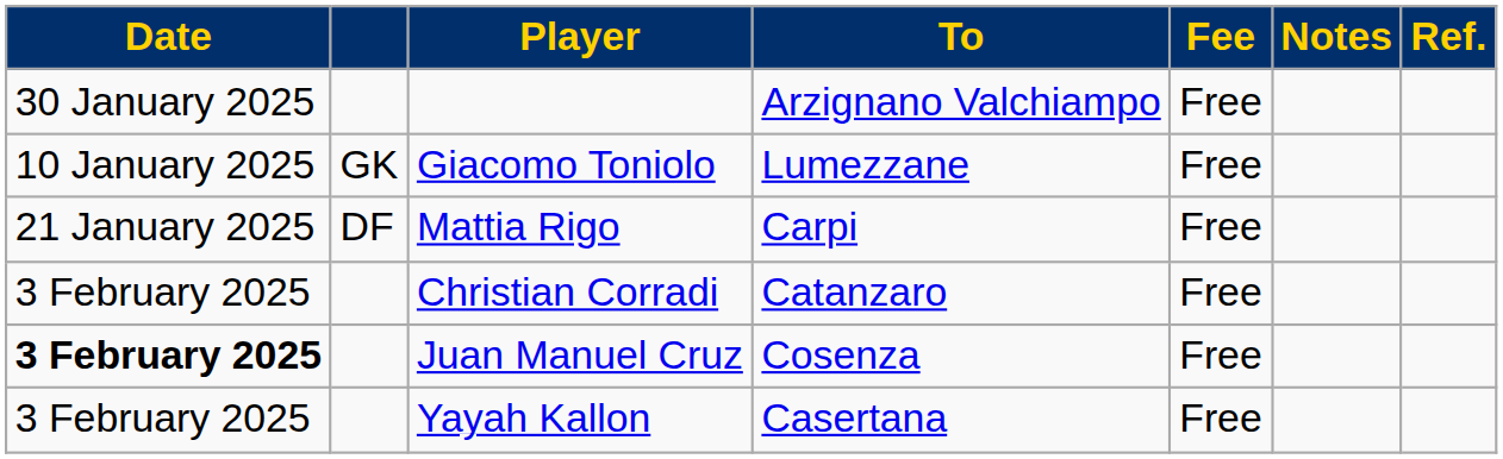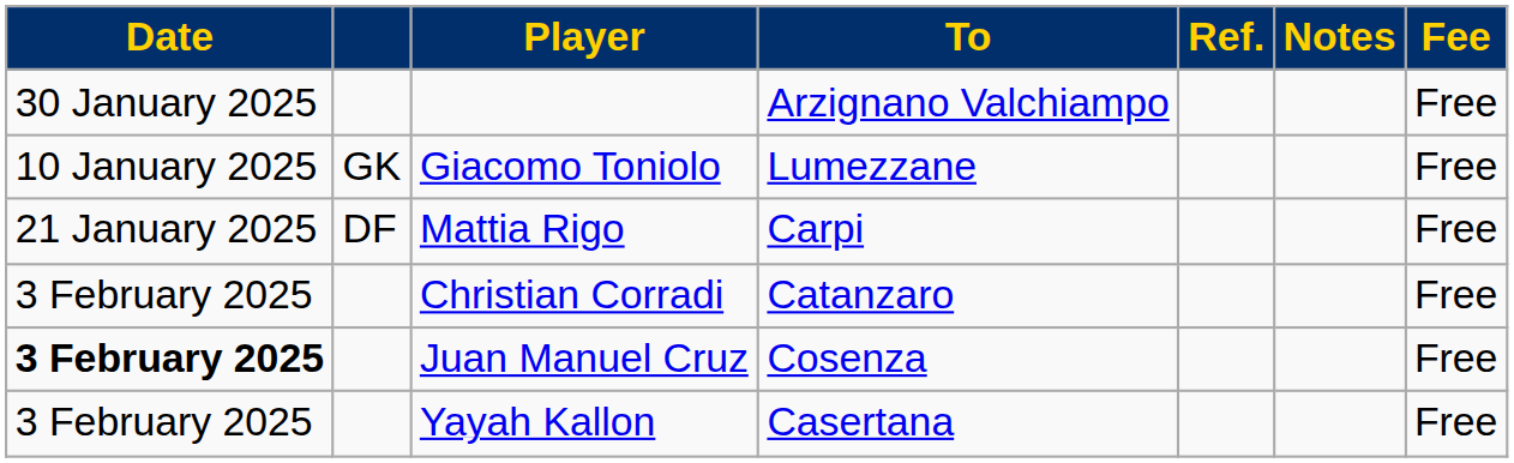 <table class="wikitable">
 <tr>
 <th style="background:#002F6C;color:#FFD100">Date</th>
 <th style="background:#002F6C;color:#FFD100"></th>
 <th style="background:#002F6C;color:#FFD100">Player</th>
 <th style="background:#002F6C;color:#FFD100">To</th>
+<th style="background:#002F6C;color:#FFD100">Ref.</th>
+<th style="background:#002F6C;color:#FFD100">Notes</th>
 <th style="background:#002F6C;color:#FFD100">Fee</th>
-<th style="background:#002F6C;color:#FFD100">Notes</th>
-<th style="background:#002F6C;color:#FFD100">Ref.</th>
 </tr>
 <tr>
 <td>30 January 2025</td>
 <td></td>
 <td> </td>
 <td> <a href='#'>Arzignano Valchiampo</a></td>
-<td>Free</td>
 <td></td>
 <td></td>
+<td>Free</td>
 </tr>
 <tr>
 <td>10 January 2025</td>
 <td>GK</td>
 <td> <a href='#'>Giacomo Toniolo</a></td>
 <td> <a href='#'>Lumezzane</a></td>
-<td>Free</td>
 <td></td>
 <td></td>
+<td>Free</td>
 </tr>
 <tr>
 <td>21 January 2025</td>
 <td>DF</td>
 <td> <a href='#'>Mattia Rigo</a></td>
 <td> <a href='#'>Carpi</a></td>
-<td>Free</td>
 <td></td>
 <td></td>
+<td>Free</td>
 </tr>
 <tr>
 <td>3 February 2025</td>
 <td></td>
 <td> <a href='#'>Christian Corradi</a></td>
 <td> <a href='#'>Catanzaro</a></td>
-<td>Free</td>
 <td></td>
 <td></td>
+<td>Free</td>
 </tr>
 <tr>
 <td><strong>3 February 2025</strong></td>
 <td></td>
 <td> <a href='#'>Juan Manuel Cruz</a></td>
 <td> <a href='#'>Cosenza</a></td>
-<td>Free</td>
 <td></td>
 <td></td>
+<td>Free</td>
 </tr>
 <tr>
 <td>3 February 2025</td>
 <td></td>
 <td> <a href='#'>Yayah Kallon</a></td>
 <td> <a href='#'>Casertana</a></td>
-<td>Free</td>
 <td></td>
 <td></td>
+<td>Free</td>
 </tr>
 </table>
